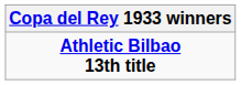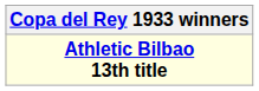 <table class="wikitable" style="text-align: center; margin: 0 auto;">
 <tr>
 <th><a href='#'>Copa del Rey</a> 1933 winners</th>
 </tr>
 <tr>
-<td><strong><a href='#'>Athletic Bilbao</a></strong><br><strong>13th title</strong></td>
+<td style="background: lightyellow;"><strong><a href='#'>Athletic Bilbao</a></strong><br><strong>13th title</strong></td>
 </tr>
 </table>
